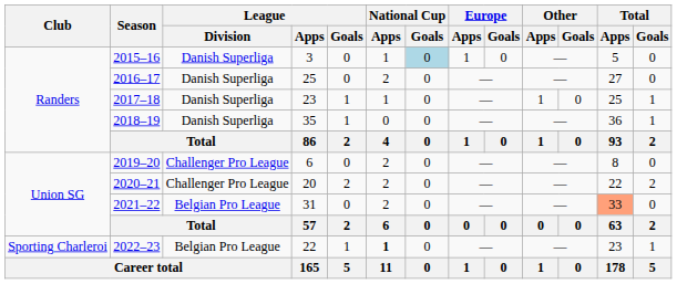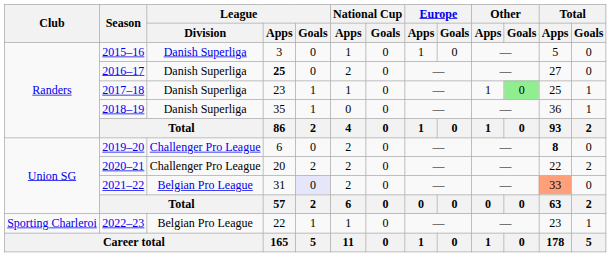 <table class="wikitable" style="text-align:center">
 <tr>
 <th rowspan="2">Club</th>
 <th rowspan="2">Season</th>
 <th colspan="3">League</th>
 <th colspan="2">National Cup</th>
 <th colspan="2"><a href='#'>Europe</a></th>
 <th colspan="2">Other</th>
 <th colspan="2">Total</th>
 </tr>
 <tr>
 <th>Division</th>
 <th>Apps</th>
 <th>Goals</th>
 <th>Apps</th>
 <th>Goals</th>
 <th>Apps</th>
 <th>Goals</th>
 <th>Apps</th>
 <th>Goals</th>
 <th>Apps</th>
 <th>Goals</th>
 </tr>
 <tr>
 <td rowspan="5"><a href='#'>Randers</a></td>
 <td><a href='#'>2015–16</a></td>
 <td><a href='#'>Danish Superliga</a></td>
 <td>3</td>
 <td>0</td>
 <td>1</td>
-<td style="background: lightblue;">0</td>
+<td>0</td>
 <td>1</td>
 <td>0</td>
 <td colspan="2">—</td>
 <td>5</td>
 <td>0</td>
 </tr>
 <tr>
 <td><a href='#'>2016–17</a></td>
 <td>Danish Superliga</td>
-<td>25</td>
+<td><strong>25</strong></td>
 <td>0</td>
 <td>2</td>
 <td>0</td>
 <td colspan="2">—</td>
 <td colspan="2">—</td>
 <td>27</td>
 <td>0</td>
 </tr>
 <tr>
 <td><a href='#'>2017–18</a></td>
 <td>Danish Superliga</td>
 <td>23</td>
 <td>1</td>
 <td>1</td>
 <td>0</td>
 <td colspan="2">—</td>
 <td>1</td>
-<td>0</td>
+<td style="background: lightgreen;">0</td>
 <td>25</td>
 <td>1</td>
 </tr>
 <tr>
 <td><a href='#'>2018–19</a></td>
 <td>Danish Superliga</td>
 <td>35</td>
 <td>1</td>
 <td>0</td>
 <td>0</td>
 <td colspan="2">—</td>
 <td colspan="2">—</td>
 <td>36</td>
 <td>1</td>
 </tr>
 <tr>
 <th colspan=2>Total</th>
 <th>86</th>
 <th>2</th>
 <th>4</th>
 <th>0</th>
 <th>1</th>
 <th>0</th>
 <th>1</th>
 <th>0</th>
 <th>93</th>
 <th>2</th>
 </tr>
 <tr>
 <td rowspan="4"><a href='#'>Union SG</a></td>
 <td><a href='#'>2019–20</a></td>
 <td><a href='#'>Challenger Pro League</a></td>
 <td>6</td>
 <td>0</td>
 <td>2</td>
 <td>0</td>
 <td colspan="2">—</td>
 <td colspan="2">—</td>
-<td>8</td>
+<td><strong>8</strong></td>
 <td>0</td>
 </tr>
 <tr>
 <td><a href='#'>2020–21</a></td>
 <td>Challenger Pro League</td>
 <td>20</td>
 <td>2</td>
 <td>2</td>
 <td>0</td>
 <td colspan="2">—</td>
 <td colspan="2">—</td>
 <td>22</td>
 <td>2</td>
 </tr>
 <tr>
 <td><a href='#'>2021–22</a></td>
 <td><a href='#'>Belgian Pro League</a></td>
 <td>31</td>
-<td>0</td>
+<td style="background: lavender;">0</td>
 <td>2</td>
 <td>0</td>
 <td colspan="2">—</td>
 <td colspan="2">—</td>
 <td style="background: lightsalmon;">33</td>
 <td>0</td>
 </tr>
 <tr>
 <th colspan=2>Total</th>
 <th>57</th>
 <th>2</th>
 <th>6</th>
 <th>0</th>
 <th>0</th>
 <th>0</th>
 <th>0</th>
 <th>0</th>
 <th>63</th>
 <th>2</th>
 </tr>
 <tr>
 <td><a href='#'>Sporting Charleroi</a></td>
 <td><a href='#'>2022–23</a></td>
 <td>Belgian Pro League</td>
 <td>22</td>
 <td>1</td>
-<td><strong>1</strong></td>
+<td>1</td>
 <td>0</td>
 <td colspan="2">—</td>
 <td colspan="2">—</td>
 <td>23</td>
 <td>1</td>
 </tr>
 <tr>
 <th colspan="3">Career total</th>
 <th>165</th>
 <th>5</th>
 <th>11</th>
 <th>0</th>
 <th>1</th>
 <th>0</th>
 <th>1</th>
 <th>0</th>
 <th>178</th>
 <th>5</th>
 </tr>
 </table>
